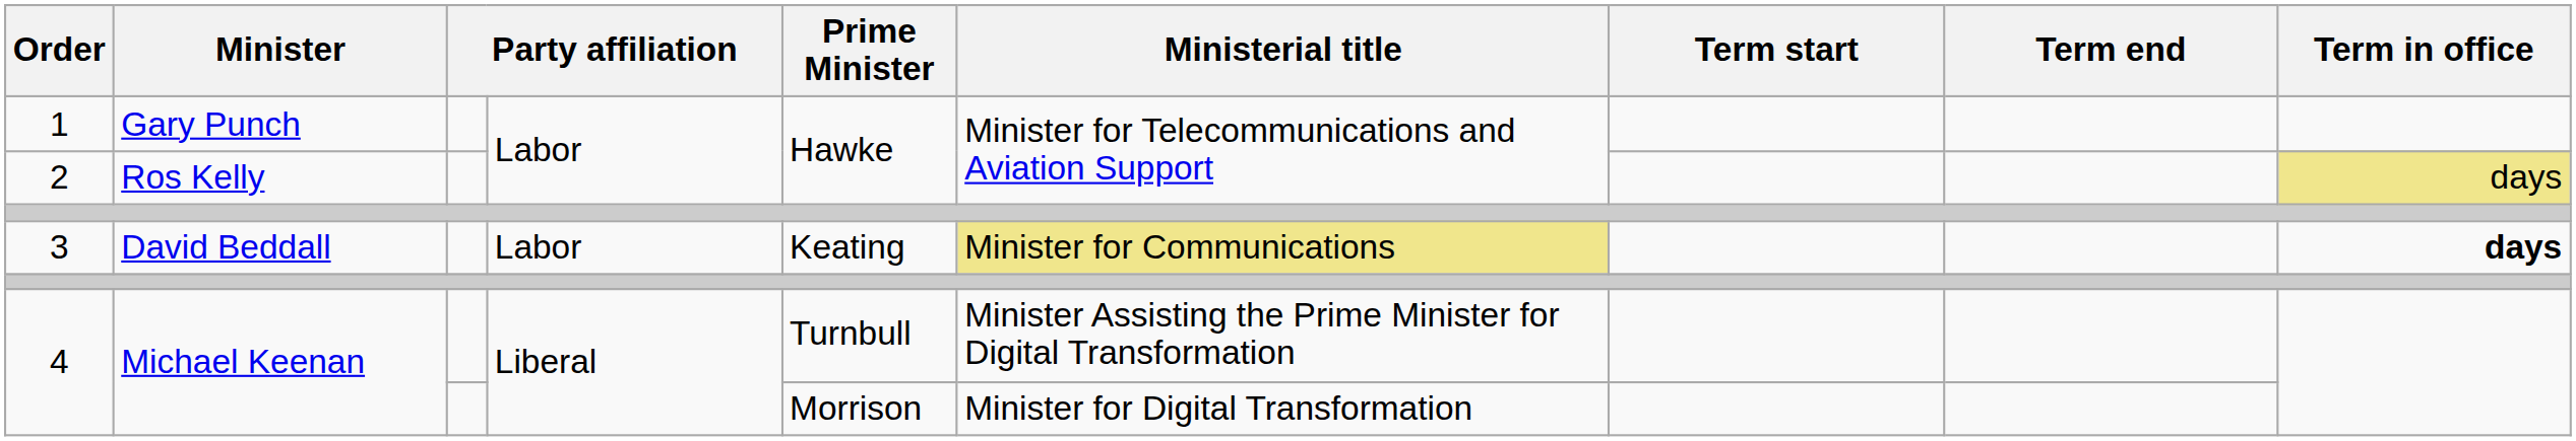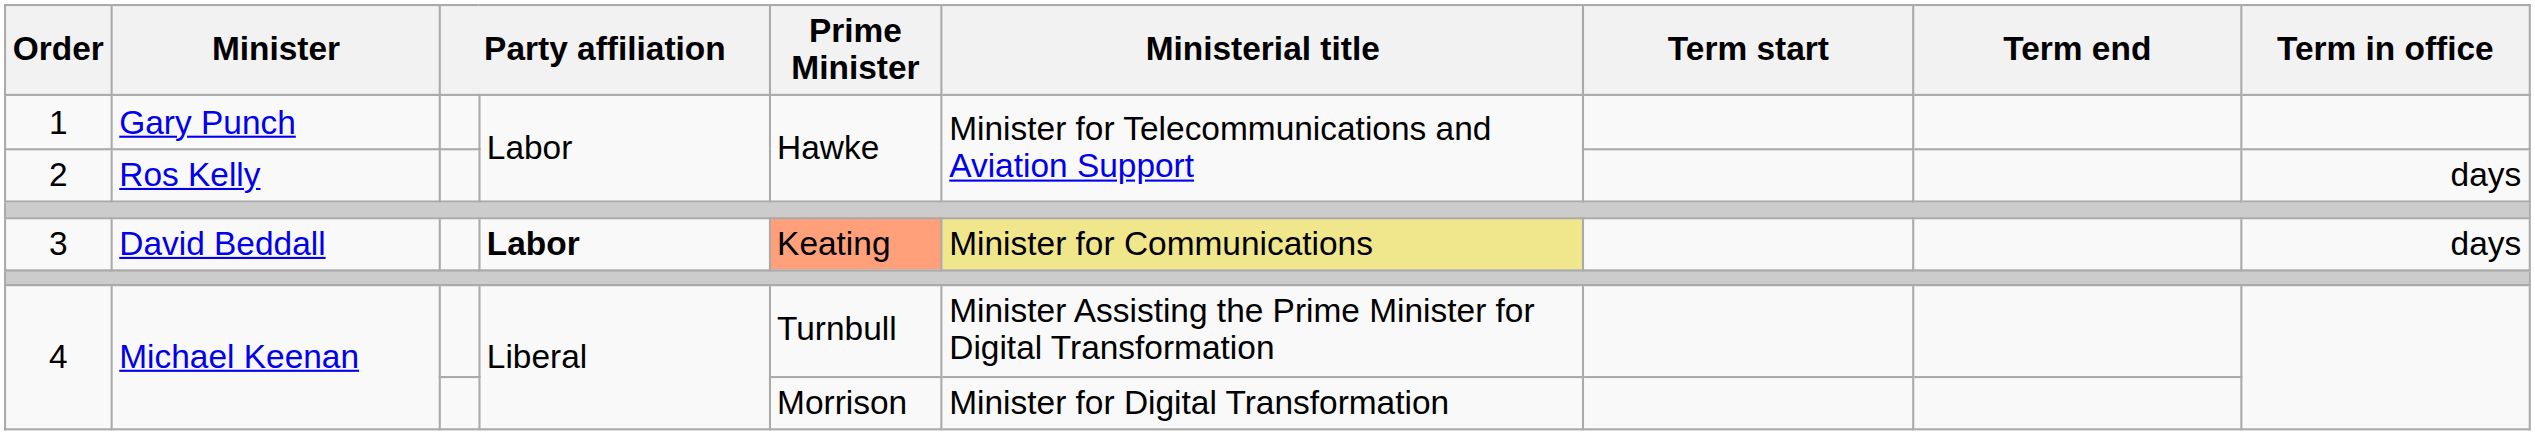 <table class="wikitable">
 <tr>
 <th width=5>Order</th>
 <th width=150>Minister</th>
 <th width=150 colspan="2">Party affiliation</th>
 <th width=75>Prime Minister</th>
 <th width=300>Ministerial title</th>
 <th width=150>Term start</th>
 <th width=150>Term end</th>
 <th width=130>Term in office</th>
 </tr>
 <tr>
 <td align=center>1</td>
 <td><a href='#'>Gary Punch</a></td>
 <td></td>
 <td rowspan=2>Labor</td>
 <td rowspan=2>Hawke</td>
 <td rowspan=2>Minister for Telecommunications and <a href='#'>Aviation Support</a></td>
 <td align=center></td>
 <td align=center></td>
 <td align=right></td>
 </tr>
 <tr>
 <td align=center>2</td>
 <td><a href='#'>Ros Kelly</a></td>
 <td></td>
 <td align=center></td>
 <td align=center></td>
-<td align=right style="background: khaki;"> days</td>
+<td align=right> days</td>
 </tr>
 <tr>
 <th colspan=9 style="background: #cccccc;"></th>
 </tr>
 <tr>
 <td align=center>3</td>
 <td><a href='#'>David Beddall</a></td>
 <td></td>
-<td>Labor</td>
-<td>Keating</td>
+<td><strong>Labor</strong></td>
+<td style="background: lightsalmon;">Keating</td>
 <td style="background: khaki;">Minister for Communications</td>
 <td align=center></td>
 <td align=center></td>
-<td align=right><strong> days</strong></td>
+<td align=right> days</td>
 </tr>
 <tr>
 <th colspan=9 style="background: #cccccc;"></th>
 </tr>
 <tr>
 <td rowspan=2 align=center>4</td>
 <td rowspan=2><a href='#'>Michael Keenan</a></td>
 <td></td>
 <td rowspan=2>Liberal</td>
 <td>Turnbull</td>
 <td>Minister Assisting the Prime Minister for Digital Transformation</td>
 <td align=center></td>
 <td align=center></td>
 <td rowspan=2 align=right><strong></strong></td>
 </tr>
 <tr>
 <td></td>
 <td>Morrison</td>
 <td>Minister for Digital Transformation</td>
 <td align=center></td>
 <td align=center></td>
 </tr>
 </table>
